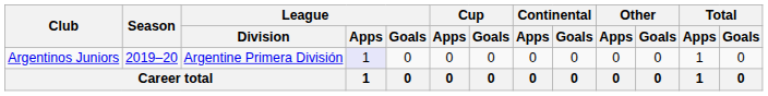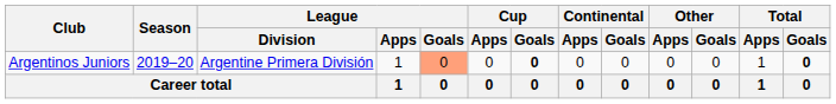 <table class="wikitable" style="text-align: center">
 <tr>
 <th rowspan="2">Club</th>
 <th rowspan="2">Season</th>
 <th colspan="3">League</th>
 <th colspan="2">Cup</th>
 <th colspan="2">Continental</th>
 <th colspan="2">Other</th>
 <th colspan="2">Total</th>
 </tr>
 <tr>
 <th>Division</th>
 <th>Apps</th>
 <th>Goals</th>
 <th>Apps</th>
 <th>Goals</th>
 <th>Apps</th>
 <th>Goals</th>
 <th>Apps</th>
 <th>Goals</th>
 <th>Apps</th>
 <th>Goals</th>
 </tr>
 <tr>
 <td><a href='#'>Argentinos Juniors</a></td>
 <td><a href='#'>2019–20</a></td>
 <td><a href='#'>Argentine Primera División</a></td>
-<td style="background: lavender;">1</td>
+<td>1</td>
+<td style="background: lightsalmon;">0</td>
 <td>0</td>
-<td>0</td>
-<td>0</td>
+<td><strong>0</strong></td>
 <td>0</td>
 <td>0</td>
 <td>0</td>
 <td>0</td>
 <td>1</td>
-<td>0</td>
+<td><strong>0</strong></td>
 </tr>
 <tr>
 <th colspan=3>Career total</th>
 <th>1</th>
 <th>0</th>
 <th>0</th>
 <th>0</th>
 <th>0</th>
 <th>0</th>
 <th>0</th>
 <th>0</th>
 <th>1</th>
 <th>0</th>
 </tr>
 </table>
